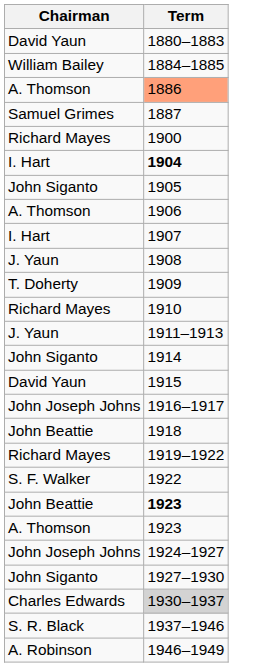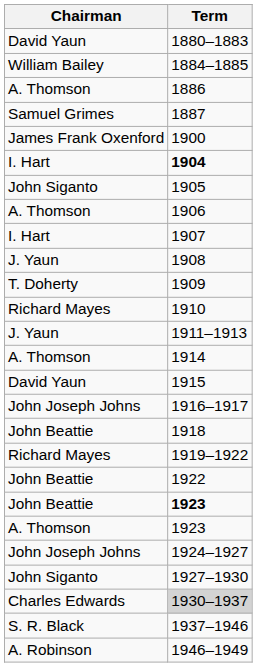 <table class="wikitable">
 <tr>
 <th>Chairman</th>
 <th>Term</th>
 </tr>
 <tr>
 <td>David Yaun</td>
 <td>1880–1883</td>
 </tr>
 <tr>
 <td>William Bailey</td>
 <td>1884–1885</td>
 </tr>
 <tr>
 <td>A. Thomson</td>
-<td style="background: lightsalmon;">1886</td>
+<td>1886</td>
 </tr>
 <tr>
 <td>Samuel Grimes</td>
 <td>1887</td>
 </tr>
 <tr>
-<td>Richard Mayes</td>
+<td>James Frank Oxenford</td>
 <td>1900</td>
 </tr>
 <tr>
 <td>I. Hart</td>
 <td><strong>1904</strong></td>
 </tr>
 <tr>
 <td>John Siganto</td>
 <td>1905</td>
 </tr>
 <tr>
 <td>A. Thomson</td>
 <td>1906</td>
 </tr>
 <tr>
 <td>I. Hart</td>
 <td>1907</td>
 </tr>
 <tr>
 <td>J. Yaun</td>
 <td>1908</td>
 </tr>
 <tr>
 <td>T. Doherty</td>
 <td>1909</td>
 </tr>
 <tr>
 <td>Richard Mayes</td>
 <td>1910</td>
 </tr>
 <tr>
 <td>J. Yaun</td>
 <td>1911–1913</td>
 </tr>
 <tr>
-<td>John Siganto</td>
+<td>A. Thomson</td>
 <td>1914</td>
 </tr>
 <tr>
 <td>David Yaun</td>
 <td>1915</td>
 </tr>
 <tr>
 <td>John Joseph Johns</td>
 <td>1916–1917</td>
 </tr>
 <tr>
 <td>John Beattie</td>
 <td>1918</td>
 </tr>
 <tr>
 <td>Richard Mayes</td>
 <td>1919–1922</td>
 </tr>
 <tr>
-<td>S. F. Walker</td>
+<td>John Beattie</td>
 <td>1922</td>
 </tr>
 <tr>
 <td>John Beattie</td>
 <td><strong>1923</strong></td>
 </tr>
 <tr>
 <td>A. Thomson</td>
 <td>1923</td>
 </tr>
 <tr>
 <td>John Joseph Johns</td>
 <td>1924–1927</td>
 </tr>
 <tr>
 <td>John Siganto</td>
 <td>1927–1930</td>
 </tr>
 <tr>
 <td>Charles Edwards</td>
 <td style="background: lightgrey;">1930–1937</td>
 </tr>
 <tr>
 <td>S. R. Black</td>
 <td>1937–1946</td>
 </tr>
 <tr>
 <td>A. Robinson</td>
 <td>1946–1949</td>
 </tr>
 </table>
